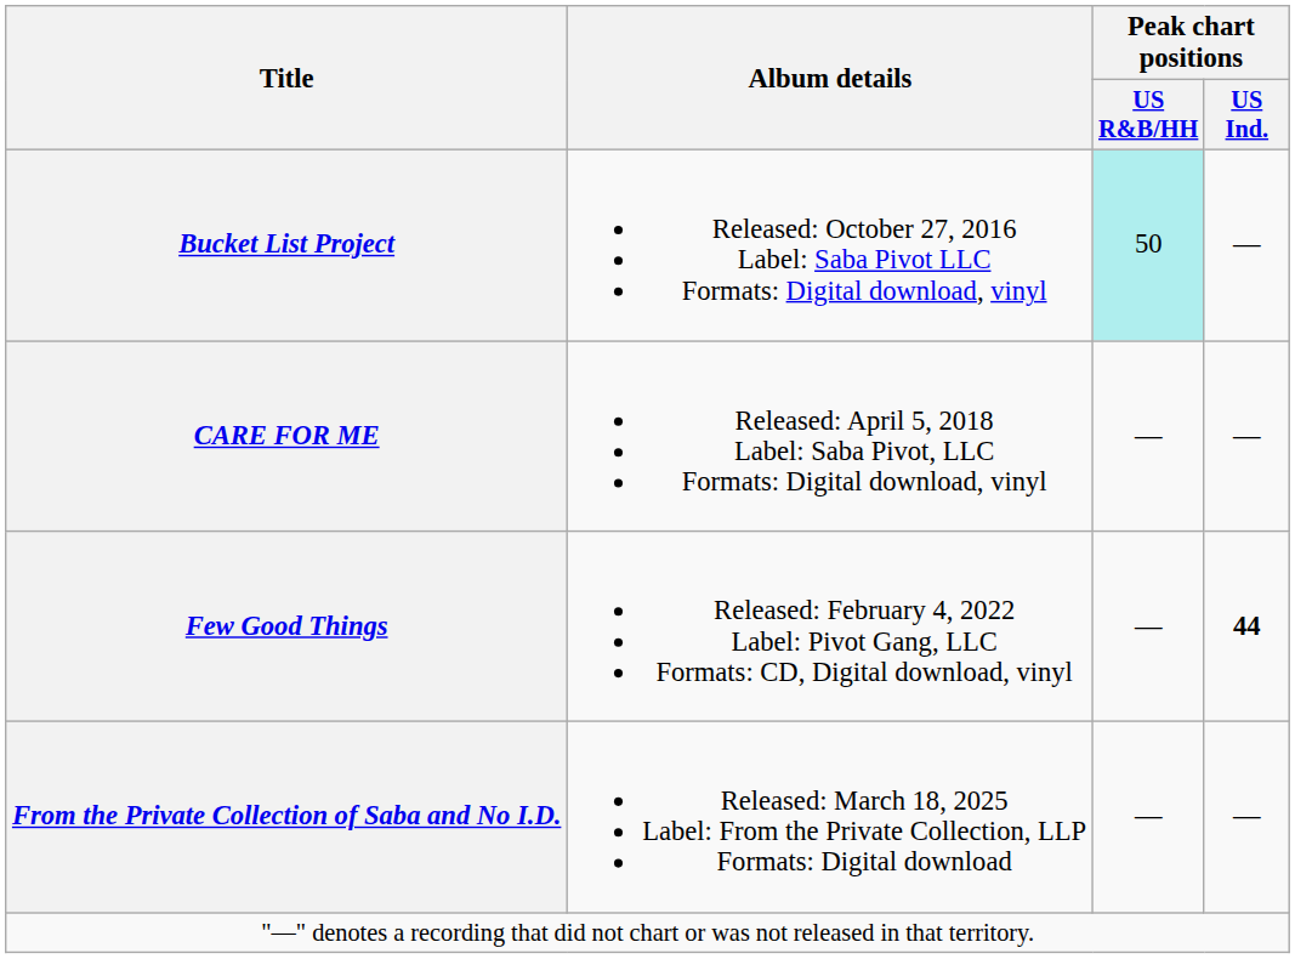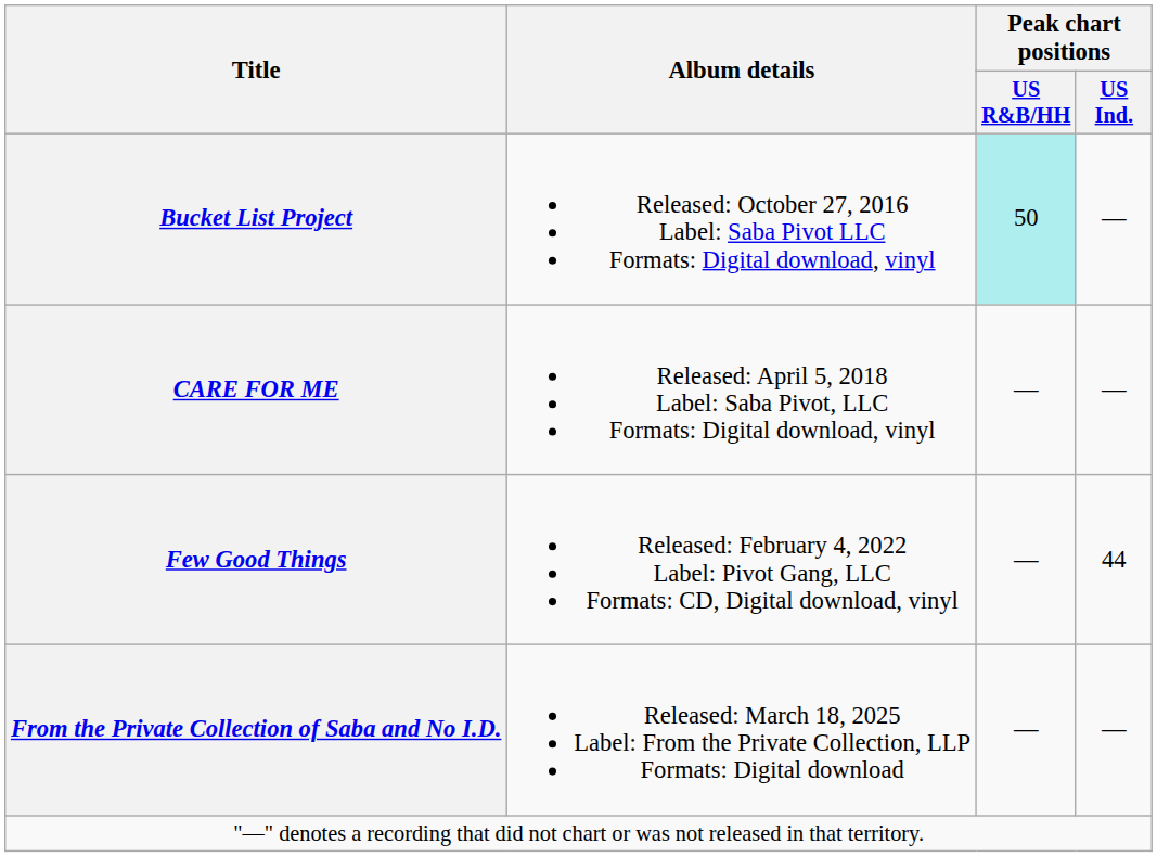 <table class="wikitable plainrowheaders" style="text-align:center;">
 <tr>
 <th rowspan="2">Title</th>
 <th rowspan="2">Album details</th>
 <th colspan="2">Peak chart positions</th>
 </tr>
 <tr>
 <th scope="col" style="width:3em;font-size:90%;"><a href='#'>US<br>R&B/HH</a><br></th>
 <th scope="col" style="width:3em;font-size:90%;"><a href='#'>US<br>Ind.</a><br></th>
 </tr>
 <tr>
 <th scope="row"><em><a href='#'>Bucket List Project</a></em></th>
 <td><br><ul><li>Released: October 27, 2016</li><li>Label: <a href='#'>Saba Pivot LLC</a></li><li>Formats: <a href='#'>Digital download</a>, <a href='#'>vinyl</a></li></ul></td>
 <td style="background: paleturquoise;">50</td>
 <td>—</td>
 </tr>
 <tr>
 <th scope="row"><em><a href='#'>CARE FOR ME</a></em></th>
 <td><br><ul><li>Released: April 5, 2018</li><li>Label: Saba Pivot, LLC</li><li>Formats: Digital download, vinyl</li></ul></td>
 <td>—</td>
 <td>—</td>
 </tr>
 <tr>
 <th scope="row"><em><a href='#'>Few Good Things</a></em></th>
 <td><br><ul><li>Released: February 4, 2022</li><li>Label: Pivot Gang, LLC</li><li>Formats: CD, Digital download, vinyl</li></ul></td>
 <td>—</td>
-<td><strong>44</strong></td>
+<td>44</td>
 </tr>
 <tr>
 <th scope="row"><em><a href='#'>From the Private Collection of Saba and No I.D.</a></em> </th>
 <td><br><ul><li>Released: March 18, 2025</li><li>Label: From the Private Collection, LLP</li><li>Formats: Digital download</li></ul></td>
 <td>—</td>
 <td>—</td>
 </tr>
 <tr>
 <td colspan="14" style="font-size:90%">"—" denotes a recording that did not chart or was not released in that territory.</td>
 </tr>
 </table>
